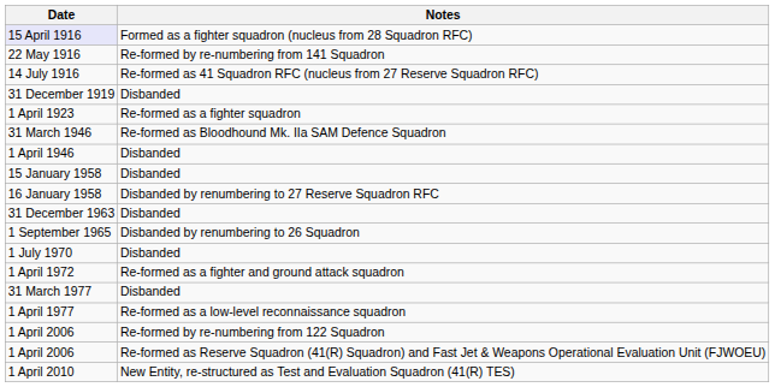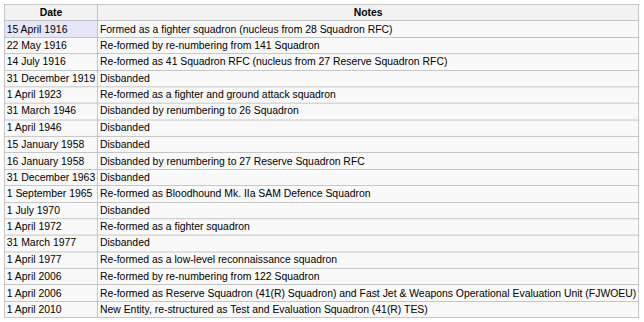 <table class="wikitable">
 <tr>
 <th>Date</th>
 <th>Notes</th>
 </tr>
 <tr>
 <td style="background: lavender;">15 April 1916</td>
 <td>Formed as a fighter squadron (nucleus from 28 Squadron RFC)</td>
 </tr>
 <tr>
 <td>22 May 1916</td>
 <td>Re-formed by re-numbering from 141 Squadron</td>
 </tr>
 <tr>
 <td>14 July 1916</td>
 <td>Re-formed as 41 Squadron RFC (nucleus from 27 Reserve Squadron RFC)</td>
 </tr>
 <tr>
 <td>31 December 1919</td>
 <td>Disbanded</td>
 </tr>
 <tr>
 <td>1 April 1923</td>
-<td>Re-formed as a fighter squadron</td>
+<td>Re-formed as a fighter and ground attack squadron</td>
 </tr>
 <tr>
 <td>31 March 1946</td>
-<td>Re-formed as Bloodhound Mk. IIa SAM Defence Squadron</td>
+<td>Disbanded by renumbering to 26 Squadron</td>
 </tr>
 <tr>
 <td>1 April 1946</td>
 <td>Disbanded</td>
 </tr>
 <tr>
 <td>15 January 1958</td>
 <td>Disbanded</td>
 </tr>
 <tr>
 <td>16 January 1958</td>
 <td>Disbanded by renumbering to 27 Reserve Squadron RFC</td>
 </tr>
 <tr>
 <td>31 December 1963</td>
 <td>Disbanded</td>
 </tr>
 <tr>
 <td>1 September 1965</td>
-<td>Disbanded by renumbering to 26 Squadron</td>
+<td>Re-formed as Bloodhound Mk. IIa SAM Defence Squadron</td>
 </tr>
 <tr>
 <td>1 July 1970</td>
 <td>Disbanded</td>
 </tr>
 <tr>
 <td>1 April 1972</td>
-<td>Re-formed as a fighter and ground attack squadron</td>
+<td>Re-formed as a fighter squadron</td>
 </tr>
 <tr>
 <td>31 March 1977</td>
 <td>Disbanded</td>
 </tr>
 <tr>
 <td>1 April 1977</td>
 <td>Re-formed as a low-level reconnaissance squadron</td>
 </tr>
 <tr>
 <td>1 April 2006</td>
 <td>Re-formed by re-numbering from 122 Squadron</td>
 </tr>
 <tr>
 <td>1 April 2006</td>
 <td>Re-formed as Reserve Squadron (41(R) Squadron) and Fast Jet & Weapons Operational Evaluation Unit (FJWOEU)</td>
 </tr>
 <tr>
 <td>1 April 2010</td>
 <td>New Entity, re-structured as Test and Evaluation Squadron (41(R) TES)</td>
 </tr>
 </table>
